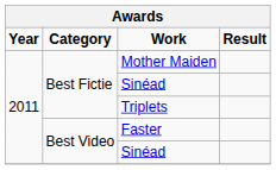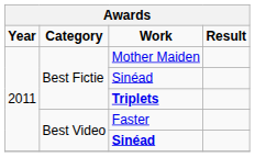 <table class="wikitable">
 <tr style="text-align:center;">
 <th colspan=5>Awards</th>
 </tr>
 <tr style="text-align:center;">
 <td><strong>Year</strong></td>
 <td><strong>Category</strong></td>
 <td><strong>Work</strong></td>
 <td><strong>Result</strong></td>
 </tr>
 <tr>
 <td rowspan="5">2011</td>
 <td rowspan="3">Best Fictie</td>
 <td><a href='#'>Mother Maiden</a></td>
 <td></td>
 </tr>
 <tr>
 <td><a href='#'>Sinéad</a></td>
 <td></td>
 </tr>
 <tr>
-<td><a href='#'>Triplets</a></td>
+<td><strong><a href='#'>Triplets</a></strong></td>
 <td></td>
 </tr>
 <tr>
 <td rowspan="2">Best Video</td>
 <td><a href='#'>Faster</a></td>
 <td></td>
 </tr>
 <tr>
-<td><a href='#'>Sinéad</a></td>
+<td><strong><a href='#'>Sinéad</a></strong></td>
 <td></td>
 </tr>
 <tr>
 </tr>
 </table>
